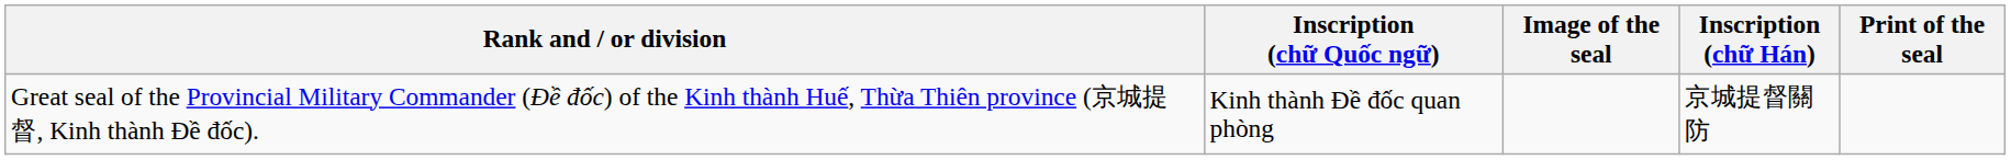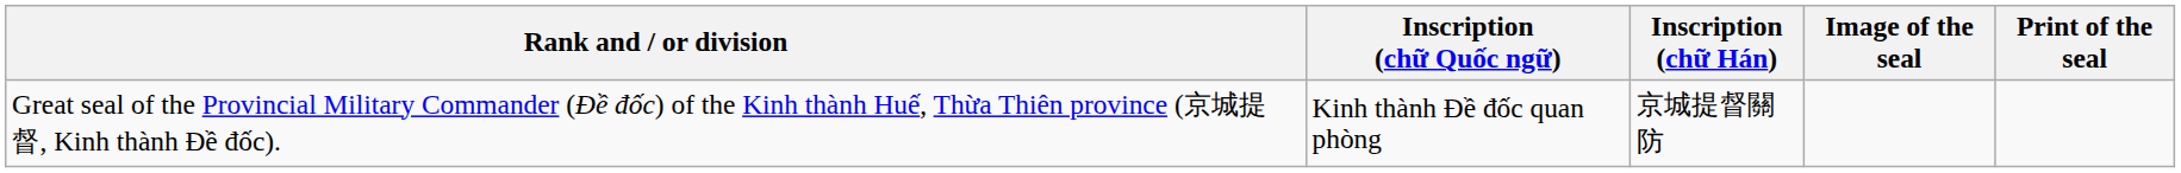 <table class="wikitable">
 <tr>
 <th>Rank and / or division</th>
 <th>Inscription<br>(<a href='#'>chữ Quốc ngữ</a>)</th>
+<th>Inscription<br>(<a href='#'>chữ Hán</a>)</th>
 <th>Image of the seal</th>
-<th>Inscription<br>(<a href='#'>chữ Hán</a>)</th>
 <th>Print of the seal</th>
 </tr>
 <tr>
 <td>Great seal of the <a href='#'>Provincial Military Commander</a> (<em>Đề đốc</em>) of the <a href='#'>Kinh thành Huế</a>, <a href='#'>Thừa Thiên province</a> (京城提督, Kinh thành Đề đốc).</td>
 <td>Kinh thành Đề đốc quan phòng</td>
+<td>京城提督關防</td>
 <td></td>
-<td>京城提督關防</td>
 <td></td>
 </tr>
 </table>
